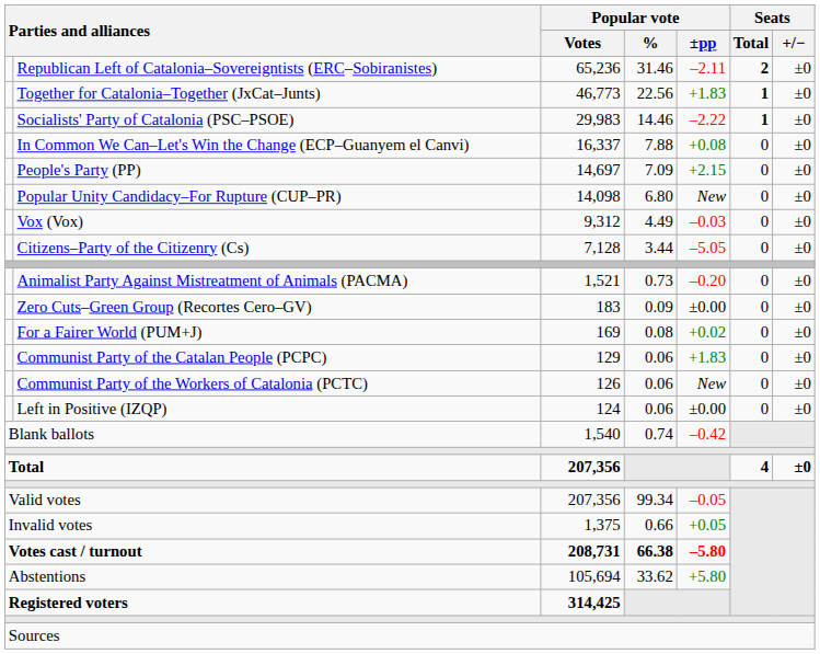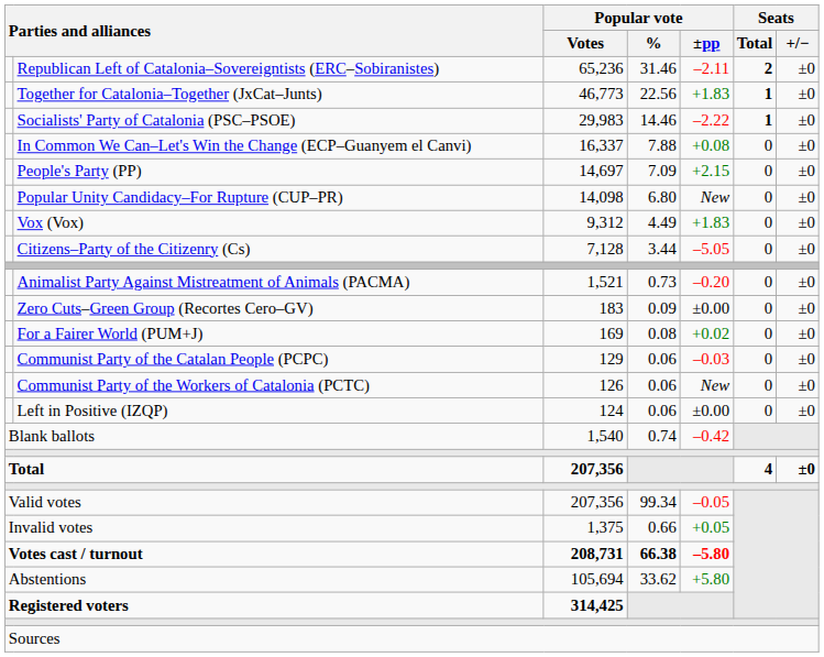 <table class="wikitable" style="text-align:right;">
 <tr>
 <th style="text-align:left;" rowspan="2" colspan="2" width="525">Parties and alliances</th>
 <th colspan="3">Popular vote</th>
 <th colspan="2">Seats</th>
 </tr>
 <tr>
 <th width="75">Votes</th>
 <th width="45">%</th>
 <th width="45">±<a href='#'>pp</a></th>
 <th width="35">Total</th>
 <th width="35">+/−</th>
 </tr>
 <tr>
 <td width="1" style="color:inherit;background:"></td>
 <td align="left"><a href='#'>Republican Left of Catalonia–Sovereigntists</a> (<a href='#'>ERC</a>–<a href='#'>Sobiranistes</a>)</td>
 <td>65,236</td>
 <td>31.46</td>
 <td style="color:red;">–2.11</td>
 <td><strong>2</strong></td>
 <td>±0</td>
 </tr>
 <tr>
 <td style="color:inherit;background:"></td>
 <td align="left"><a href='#'>Together for Catalonia–Together</a> (JxCat–Junts)</td>
 <td>46,773</td>
 <td>22.56</td>
 <td style="color:green;">+1.83</td>
 <td><strong>1</strong></td>
 <td>±0</td>
 </tr>
 <tr>
 <td style="color:inherit;background:"></td>
 <td align="left"><a href='#'>Socialists' Party of Catalonia</a> (PSC–PSOE)</td>
 <td>29,983</td>
 <td>14.46</td>
 <td style="color:red;">–2.22</td>
 <td><strong>1</strong></td>
 <td>±0</td>
 </tr>
 <tr>
 <td style="color:inherit;background:"></td>
 <td align="left"><a href='#'>In Common We Can–Let's Win the Change</a> (ECP–Guanyem el Canvi)</td>
 <td>16,337</td>
 <td>7.88</td>
 <td style="color:green;">+0.08</td>
 <td>0</td>
 <td>±0</td>
 </tr>
 <tr>
 <td style="color:inherit;background:"></td>
 <td align="left"><a href='#'>People's Party</a> (PP)</td>
 <td>14,697</td>
 <td>7.09</td>
 <td style="color:green;">+2.15</td>
 <td>0</td>
 <td>±0</td>
 </tr>
 <tr>
 <td style="color:inherit;background:"></td>
 <td align="left"><a href='#'>Popular Unity Candidacy–For Rupture</a> (CUP–PR)</td>
 <td>14,098</td>
 <td>6.80</td>
 <td><em>New</em></td>
 <td>0</td>
 <td>±0</td>
 </tr>
 <tr>
 <td style="color:inherit;background:"></td>
 <td align="left"><a href='#'>Vox</a> (Vox)</td>
 <td>9,312</td>
 <td>4.49</td>
-<td style="color:red;">–0.03</td>
+<td style="color:green;">+1.83</td>
 <td>0</td>
 <td>±0</td>
 </tr>
 <tr>
 <td style="color:inherit;background:"></td>
 <td align="left"><a href='#'>Citizens–Party of the Citizenry</a> (Cs)</td>
 <td>7,128</td>
 <td>3.44</td>
 <td style="color:red;">–5.05</td>
 <td>0</td>
 <td>±0</td>
 </tr>
 <tr>
 <td colspan="7" bgcolor="#C0C0C0"></td>
 </tr>
 <tr>
 <td style="color:inherit;background:"></td>
 <td align="left"><a href='#'>Animalist Party Against Mistreatment of Animals</a> (PACMA)</td>
 <td>1,521</td>
 <td>0.73</td>
 <td style="color:red;">–0.20</td>
 <td>0</td>
 <td>±0</td>
 </tr>
 <tr>
 <td style="color:inherit;background:"></td>
 <td align="left"><a href='#'>Zero Cuts</a>–<a href='#'>Green Group</a> (Recortes Cero–GV)</td>
 <td>183</td>
 <td>0.09</td>
 <td>±0.00</td>
 <td>0</td>
 <td>±0</td>
 </tr>
 <tr>
 <td style="color:inherit;background:"></td>
 <td align="left"><a href='#'>For a Fairer World</a> (PUM+J)</td>
 <td>169</td>
 <td>0.08</td>
 <td style="color:green;">+0.02</td>
 <td>0</td>
 <td>±0</td>
 </tr>
 <tr>
 <td style="color:inherit;background:"></td>
 <td align="left"><a href='#'>Communist Party of the Catalan People</a> (PCPC)</td>
 <td>129</td>
 <td>0.06</td>
-<td style="color:green;">+1.83</td>
+<td style="color:red;">–0.03</td>
 <td>0</td>
 <td>±0</td>
 </tr>
 <tr>
 <td style="color:inherit;background:"></td>
 <td align="left"><a href='#'>Communist Party of the Workers of Catalonia</a> (PCTC)</td>
 <td>126</td>
 <td>0.06</td>
 <td><em>New</em></td>
 <td>0</td>
 <td>±0</td>
 </tr>
 <tr>
 <td style="color:inherit;background:"></td>
 <td align="left">Left in Positive (IZQP)</td>
 <td>124</td>
 <td>0.06</td>
 <td>±0.00</td>
 <td>0</td>
 <td>±0</td>
 </tr>
 <tr>
 <td align="left" colspan="2">Blank ballots</td>
 <td>1,540</td>
 <td>0.74</td>
 <td style="color:red;">–0.42</td>
 <td bgcolor="#E9E9E9" colspan="2"></td>
 </tr>
 <tr>
 <td colspan="7" bgcolor="#E9E9E9"></td>
 </tr>
 <tr style="font-weight:bold;">
 <td align="left" colspan="2">Total</td>
 <td>207,356</td>
 <td bgcolor="#E9E9E9" colspan="2"></td>
 <td>4</td>
 <td>±0</td>
 </tr>
 <tr>
 <td colspan="7" bgcolor="#E9E9E9"></td>
 </tr>
 <tr>
 <td align="left" colspan="2">Valid votes</td>
 <td>207,356</td>
 <td>99.34</td>
 <td style="color:red;">–0.05</td>
 <td bgcolor="#E9E9E9" colspan="2" rowspan="5"></td>
 </tr>
 <tr>
 <td align="left" colspan="2">Invalid votes</td>
 <td>1,375</td>
 <td>0.66</td>
 <td style="color:green;">+0.05</td>
 </tr>
 <tr style="font-weight:bold;">
 <td align="left" colspan="2">Votes cast / turnout</td>
 <td>208,731</td>
 <td>66.38</td>
 <td style="color:red;">–5.80</td>
 </tr>
 <tr>
 <td align="left" colspan="2">Abstentions</td>
 <td>105,694</td>
 <td>33.62</td>
 <td style="color:green;">+5.80</td>
 </tr>
 <tr style="font-weight:bold;">
 <td align="left" colspan="2">Registered voters</td>
 <td>314,425</td>
 <td bgcolor="#E9E9E9" colspan="2"></td>
 </tr>
 <tr>
 <td colspan="7" bgcolor="#E9E9E9"></td>
 </tr>
 <tr>
 <td align="left" colspan="7">Sources</td>
 </tr>
 </table>
